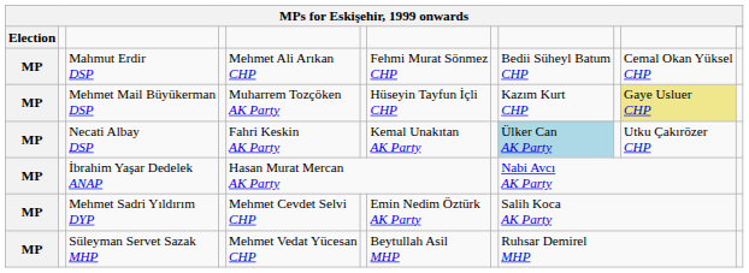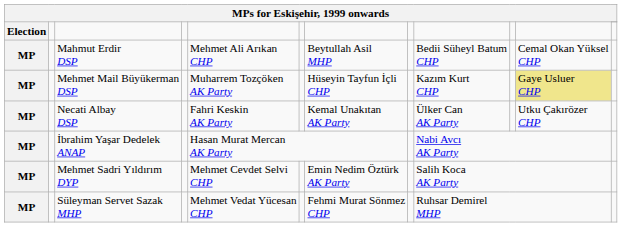 <table class="wikitable">
 <tr>
 <th colspan = 12>MPs for Eskişehir, 1999 onwards</th>
 </tr>
 <tr>
 <th rowspan = 2>Election</th>
 <td rowspan="2" style="width:1px;"></td>
 <td rowspan = 2></td>
 <td rowspan="2" style="width:1px;"></td>
 <td rowspan = 2></td>
 <td rowspan="2" style="width:1px;"></td>
 <td rowspan = 2></td>
 <td rowspan="2" style="width:1px;"></td>
 <td rowspan = 2></td>
 <td rowspan="2" style="width:1px;"></td>
 <td rowspan = 2></td>
 </tr>
 <tr>
 <td></td>
 </tr>
 <tr>
 <th>MP</th>
 <td width=1px style="background-color: "></td>
 <td colspan = 1>Mahmut Erdir<br><em><a href='#'>DSP</a></em></td>
 <td width=1px style="background-color: "></td>
 <td colspan = 1>Mehmet Ali Arıkan<br><em><a href='#'>CHP</a></em></td>
 <td width=1px style="background-color: "></td>
-<td colspan = 1>Fehmi Murat Sönmez<br><em><a href='#'>CHP</a></em></td>
+<td colspan = 1>Beytullah Asil<br><em><a href='#'>MHP</a></em></td>
 <td width=1px style="background-color: "></td>
 <td colspan = 1>Bedii Süheyl Batum<br><em><a href='#'>CHP</a></em></td>
 <td width=1px style="background-color: "></td>
 <td colspan = 1>Cemal Okan Yüksel<br><em><a href='#'>CHP</a></em></td>
 <td width=1px style="background-color: "></td>
 </tr>
 <tr>
 <th>MP</th>
 <td width=1px style="background-color: "></td>
 <td colspan = 1>Mehmet Mail Büyükerman<br><em><a href='#'>DSP</a></em></td>
 <td width=1px style="background-color: "></td>
 <td colspan = 1>Muharrem Tozçöken<br><em><a href='#'>AK Party</a></em></td>
 <td width=1px style="background-color: "></td>
 <td colspan = 1>Hüseyin Tayfun İçli<br><em><a href='#'>CHP</a></em></td>
 <td width=1px style="background-color: "></td>
 <td colspan = 1>Kazım Kurt<br><em><a href='#'>CHP</a></em></td>
 <td width=1px style="background-color: "></td>
 <td colspan = 1 style="background: khaki;">Gaye Usluer<br><em><a href='#'>CHP</a></em></td>
 <td width=1px style="background-color: "></td>
 </tr>
 <tr>
 <th>MP</th>
 <td width=1px style="background-color: "></td>
 <td colspan = 1>Necati Albay<br><em><a href='#'>DSP</a></em></td>
 <td width=1px style="background-color: "></td>
 <td colspan = 1>Fahri Keskin<br><em><a href='#'>AK Party</a></em></td>
 <td width=1px style="background-color: "></td>
 <td colspan = 1>Kemal Unakıtan<br><em><a href='#'>AK Party</a></em></td>
 <td width=1px style="background-color: "></td>
-<td colspan = 1 style="background: lightblue;">Ülker Can<br><em><a href='#'>AK Party</a></em></td>
+<td colspan = 1>Ülker Can<br><em><a href='#'>AK Party</a></em></td>
 <td width=1px style="background-color: "></td>
 <td colspan = 1>Utku Çakırözer<br><em><a href='#'>CHP</a></em></td>
 <td width=1px style="background-color: "></td>
 </tr>
 <tr>
 <th>MP</th>
 <td width=1px style="background-color: "></td>
 <td colspan = 1>İbrahim Yaşar Dedelek<br><em><a href='#'>ANAP</a></em></td>
 <td width=1px style="background-color: "></td>
 <td colspan = 3>Hasan Murat Mercan<br><em><a href='#'>AK Party</a></em></td>
 <td width=1px style="background-color: "></td>
 <td colspan = 3><a href='#'>Nabi Avcı</a><br><em><a href='#'>AK Party</a></em></td>
 <td width=1px style="background-color: "></td>
 </tr>
 <tr>
 <th>MP</th>
 <td width=1px style="background-color: "></td>
 <td colspan = 1>Mehmet Sadri Yıldırım<br><em><a href='#'>DYP</a></em></td>
 <td width=1px style="background-color: "></td>
 <td colspan = 1>Mehmet Cevdet Selvi<br><em><a href='#'>CHP</a></em></td>
 <td width=1px style="background-color: "></td>
 <td colspan = 1>Emin Nedim Öztürk<br><em><a href='#'>AK Party</a></em></td>
 <td width=1px style="background-color: "></td>
 <td colspan = 3>Salih Koca<br><em><a href='#'>AK Party</a></em></td>
 <td width=1px style="background-color: "></td>
 </tr>
 <tr>
 <th>MP</th>
 <td width=1px style="background-color: "></td>
 <td colspan = 1>Süleyman Servet Sazak<br><em><a href='#'>MHP</a></em></td>
 <td width=1px style="background-color: "></td>
 <td colspan = 1>Mehmet Vedat Yücesan<br><em><a href='#'>CHP</a></em></td>
 <td width=1px style="background-color: "></td>
-<td colspan = 1>Beytullah Asil<br><em><a href='#'>MHP</a></em></td>
+<td colspan = 1>Fehmi Murat Sönmez<br><em><a href='#'>CHP</a></em></td>
 <td width=1px style="background-color: "></td>
 <td colspan = 3>Ruhsar Demirel<br><em><a href='#'>MHP</a></em></td>
 <td width=1px style="background-color: "></td>
 </tr>
 </table>
